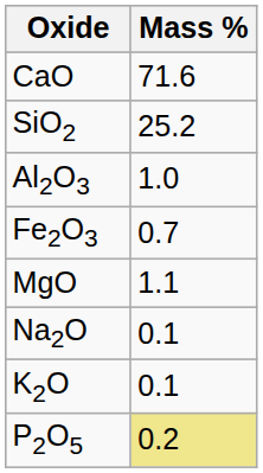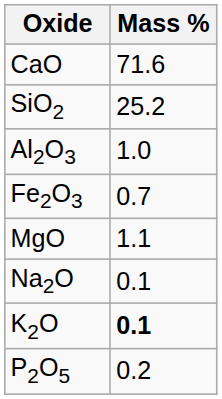 <table class="wikitable">
 <tr>
 <th width="60">Oxide</th>
 <th width="60">Mass %</th>
 </tr>
 <tr>
 <td>CaO</td>
 <td>71.6</td>
 </tr>
 <tr>
 <td>SiO<sub>2</sub></td>
 <td>25.2</td>
 </tr>
 <tr>
 <td>Al<sub>2</sub>O<sub>3</sub></td>
 <td>1.0</td>
 </tr>
 <tr>
 <td>Fe<sub>2</sub>O<sub>3</sub></td>
 <td>0.7</td>
 </tr>
 <tr>
 <td>MgO</td>
 <td>1.1</td>
 </tr>
 <tr>
 <td>Na<sub>2</sub>O</td>
 <td>0.1</td>
 </tr>
 <tr>
 <td>K<sub>2</sub>O</td>
-<td>0.1</td>
+<td><strong>0.1</strong></td>
 </tr>
 <tr>
 <td>P<sub>2</sub>O<sub>5</sub></td>
-<td style="background: khaki;">0.2</td>
+<td>0.2</td>
 </tr>
 </table>
